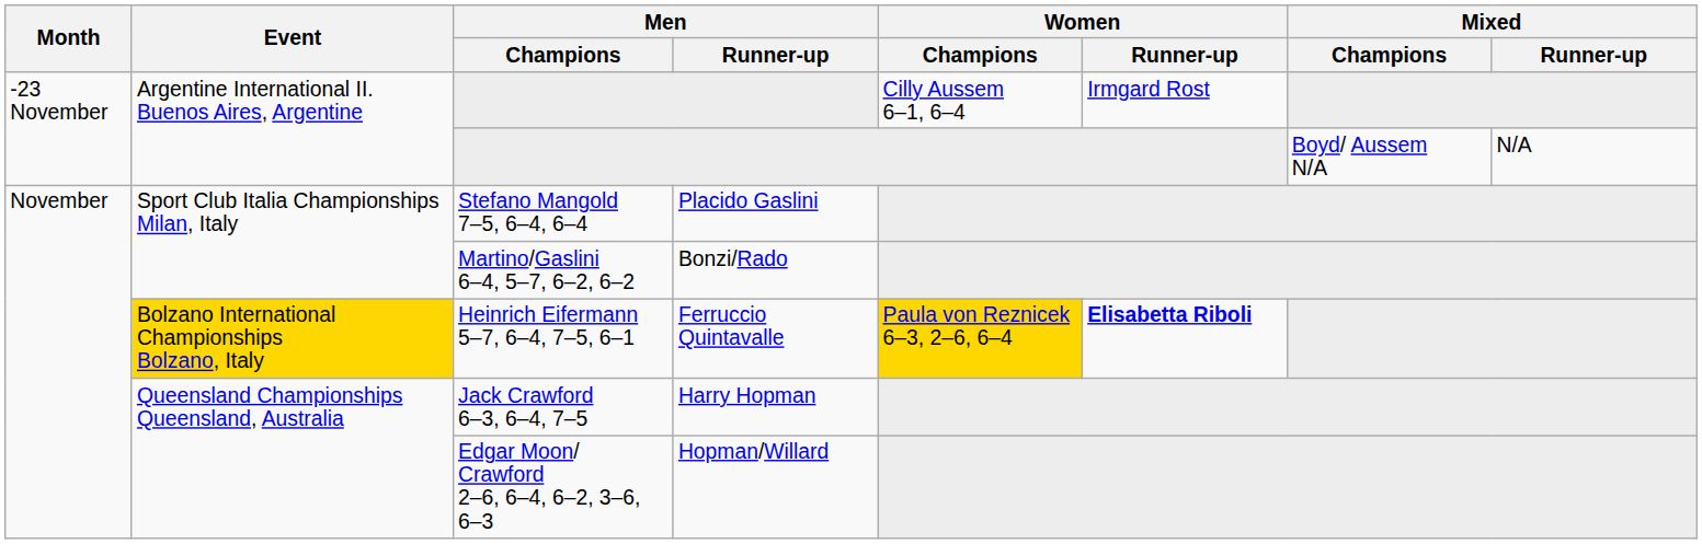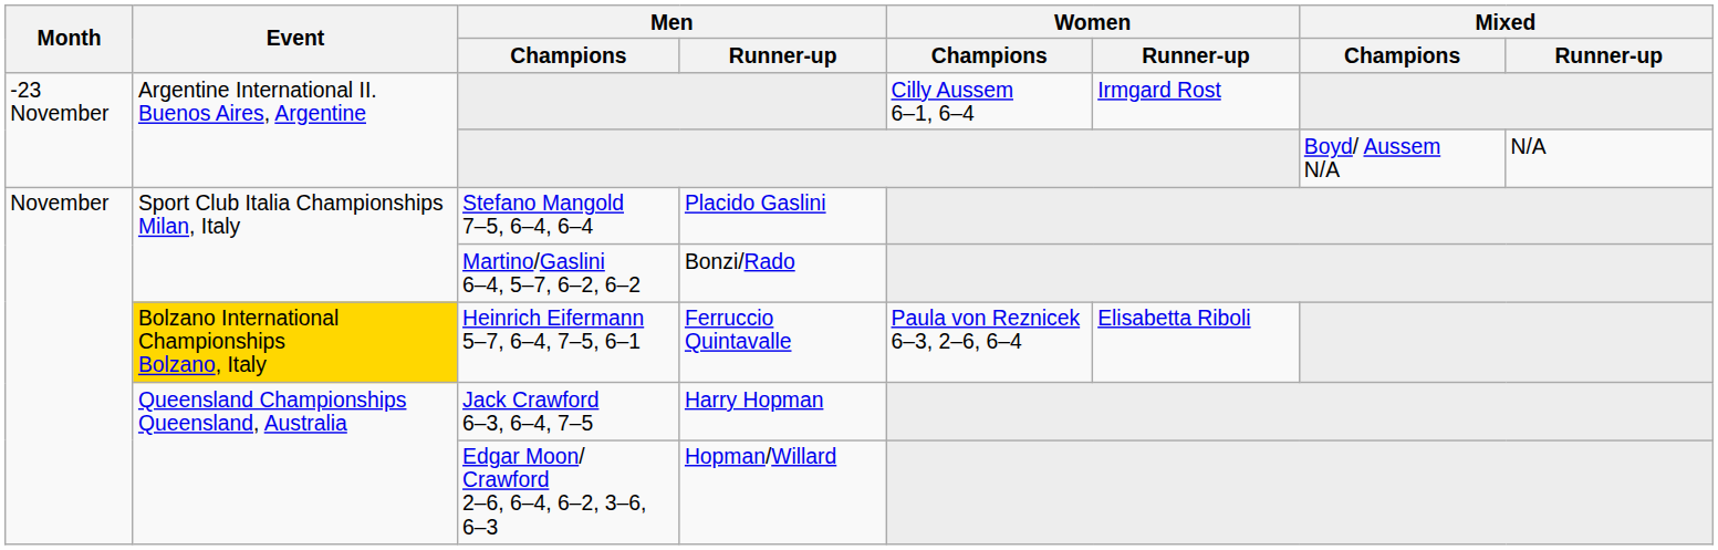 <table class="wikitable" style="font-size:85%;">
 <tr>
 <th rowspan="2" style="width:75px;">Month</th>
 <th rowspan="2" style="width:200px;">Event</th>
 <th colspan="2" style="width:260px;">Men</th>
 <th colspan="2" style="width:250px;">Women</th>
 <th colspan="2" style="width:250px;">Mixed</th>
 </tr>
 <tr>
 <th style="width:135px;">Champions</th>
 <th style="width:125px;">Runner-up</th>
 <th style="width:125px;">Champions</th>
 <th style="width:125px;">Runner-up</th>
 <th style="width:125px;">Champions</th>
 <th style="width:125px;">Runner-up</th>
 </tr>
 <tr valign=top>
 <td rowspan=2>-23 November</td>
 <td rowspan=2>Argentine International II.<br><a href='#'>Buenos Aires</a>, <a href='#'>Argentine</a></td>
 <td style="background:#ededed;" colspan="2"></td>
 <td> <a href='#'>Cilly Aussem</a><br>6–1, 6–4</td>
 <td> <a href='#'>Irmgard Rost</a></td>
 <td style="background:#ededed;" colspan="2"></td>
 </tr>
 <tr valign=top>
 <td style="background:#ededed;" colspan="4"></td>
 <td><a href='#'>Boyd</a>/ <a href='#'>Aussem</a><br>N/A</td>
 <td>N/A</td>
 </tr>
 <tr valign=top>
 <td rowspan=6>November</td>
 <td rowspan=2>Sport Club Italia Championships<br><a href='#'>Milan</a>, Italy</td>
 <td> <a href='#'>Stefano Mangold</a><br>7–5, 6–4, 6–4</td>
 <td> <a href='#'>Placido Gaslini</a></td>
 <td style="background:#ededed;" colspan="4"></td>
 </tr>
 <tr valign=top>
 <td> <a href='#'>Martino</a>/<a href='#'>Gaslini</a><br>6–4, 5–7, 6–2, 6–2</td>
 <td>Bonzi/<a href='#'>Rado</a></td>
 <td style="background:#ededed;" colspan="4"></td>
 </tr>
 <tr valign=top>
 <td style="background: gold;">Bolzano International Championships<br><a href='#'>Bolzano</a>, Italy</td>
 <td> <a href='#'>Heinrich Eifermann</a><br>5–7, 6–4, 7–5, 6–1</td>
 <td> <a href='#'>Ferruccio Quintavalle</a></td>
-<td style="background: gold;"> <a href='#'>Paula von Reznicek</a><br>6–3, 2–6, 6–4</td>
-<td><strong> <a href='#'>Elisabetta Riboli</a></strong></td>
+<td> <a href='#'>Paula von Reznicek</a><br>6–3, 2–6, 6–4</td>
+<td> <a href='#'>Elisabetta Riboli</a></td>
 <td style="background:#ededed;" colspan="2"></td>
 </tr>
 <tr valign=top>
 <td rowspan=2><a href='#'>Queensland Championships</a><br><a href='#'>Queensland</a>, <a href='#'>Australia</a></td>
 <td> <a href='#'>Jack Crawford</a><br>6–3, 6–4, 7–5</td>
 <td> <a href='#'>Harry Hopman</a></td>
 <td style="background:#ededed;" colspan="4"></td>
 </tr>
 <tr valign=top>
 <td> <a href='#'>Edgar Moon</a>/ <a href='#'>Crawford</a><br>2–6, 6–4, 6–2, 3–6, 6–3</td>
 <td> <a href='#'>Hopman</a>/<a href='#'>Willard</a></td>
 <td style="background:#ededed;" colspan="4"></td>
 </tr>
 </table>
